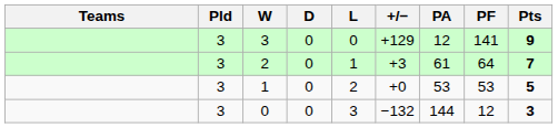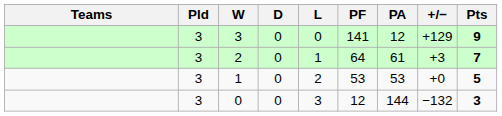 <table class="wikitable" style="text-align: center;">
 <tr>
 <th width="200">Teams</th>
 <th width="40">Pld</th>
 <th width="40">W</th>
 <th width="40">D</th>
 <th width="40">L</th>
+<th width="40">PF</th>
+<th width="40">PA</th>
 <th width="40">+/−</th>
-<th width="40">PA</th>
-<th width="40">PF</th>
 <th width="40">Pts</th>
 </tr>
 <tr bgcolor=ccffcc>
 <td align=left></td>
 <td>3</td>
 <td>3</td>
 <td>0</td>
 <td>0</td>
+<td>141</td>
+<td>12</td>
 <td>+129</td>
-<td>12</td>
-<td>141</td>
 <td><strong>9</strong></td>
 </tr>
 <tr bgcolor=ccffcc>
 <td align=left></td>
 <td>3</td>
 <td>2</td>
 <td>0</td>
 <td>1</td>
+<td>64</td>
+<td>61</td>
 <td>+3</td>
-<td>61</td>
-<td>64</td>
 <td><strong>7</strong></td>
 </tr>
 <tr>
 <td align=left></td>
 <td>3</td>
 <td>1</td>
 <td>0</td>
 <td>2</td>
-<td>+0</td>
 <td>53</td>
 <td>53</td>
+<td>+0</td>
 <td><strong>5</strong></td>
 </tr>
 <tr>
 <td align=left></td>
 <td>3</td>
 <td>0</td>
 <td>0</td>
 <td>3</td>
+<td>12</td>
+<td>144</td>
 <td>−132</td>
-<td>144</td>
-<td>12</td>
 <td><strong>3</strong></td>
 </tr>
 </table>
